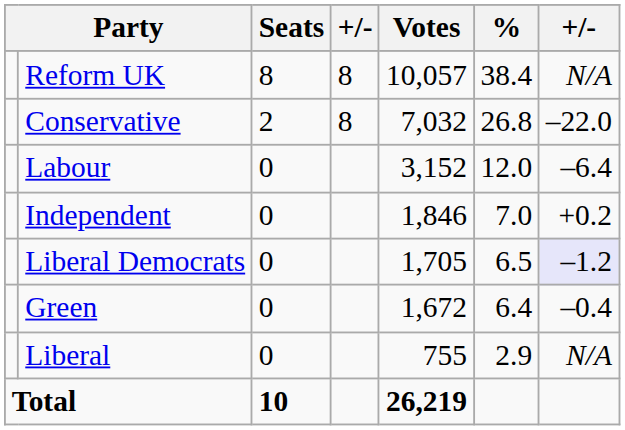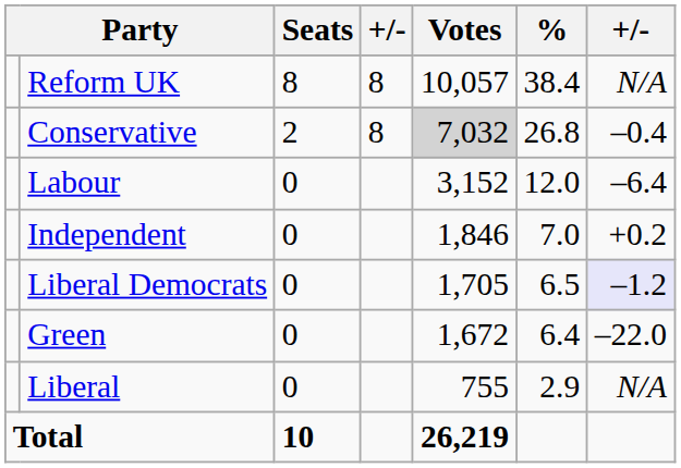 <table class="wikitable sortable">
 <tr>
 <th colspan="2">Party</th>
 <th>Seats</th>
 <th>+/-</th>
 <th>Votes</th>
 <th>%</th>
 <th>+/-</th>
 </tr>
 <tr>
 <td style="background-color: "></td>
 <td><a href='#'>Reform UK</a></td>
 <td>8</td>
 <td> 8</td>
 <td style="text-align:right;">10,057</td>
 <td style="text-align:right;">38.4</td>
 <td style="text-align:right;"><em>N/A</em></td>
 </tr>
 <tr>
 <td style="background-color: "></td>
 <td><a href='#'>Conservative</a></td>
 <td>2</td>
 <td> 8</td>
-<td style="text-align:right;">7,032</td>
+<td style="background: lightgrey; text-align:right;">7,032</td>
 <td style="text-align:right;">26.8</td>
-<td style="text-align:right;">–22.0</td>
+<td style="text-align:right;">–0.4</td>
 </tr>
 <tr>
 <td style="background-color: "></td>
 <td><a href='#'>Labour</a></td>
 <td>0</td>
 <td></td>
 <td style="text-align:right;">3,152</td>
 <td style="text-align:right;">12.0</td>
 <td style="text-align:right;">–6.4</td>
 </tr>
 <tr>
 <td style="background-color: "></td>
 <td><a href='#'>Independent</a></td>
 <td>0</td>
 <td></td>
 <td style="text-align:right;">1,846</td>
 <td style="text-align:right;">7.0</td>
 <td style="text-align:right;">+0.2</td>
 </tr>
 <tr>
 <td style="background-color: "></td>
 <td><a href='#'>Liberal Democrats</a></td>
 <td>0</td>
 <td></td>
 <td style="text-align:right;">1,705</td>
 <td style="text-align:right;">6.5</td>
 <td style="background: lavender; text-align:right;">–1.2</td>
 </tr>
 <tr>
 <td style="background-color: "></td>
 <td><a href='#'>Green</a></td>
 <td>0</td>
 <td></td>
 <td style="text-align:right;">1,672</td>
 <td style="text-align:right;">6.4</td>
-<td style="text-align:right;">–0.4</td>
+<td style="text-align:right;">–22.0</td>
 </tr>
 <tr>
 <td style="background-color: "></td>
 <td><a href='#'>Liberal</a></td>
 <td>0</td>
 <td></td>
 <td style="text-align:right;">755</td>
 <td style="text-align:right;">2.9</td>
 <td style="text-align:right;"><em>N/A</em></td>
 </tr>
 <tr>
 <td colspan="2"><strong>Total</strong></td>
 <td><strong>10</strong></td>
 <td></td>
 <td style="text-align:right;"><strong>26,219</strong></td>
 <td style="text-align:right;"></td>
 <td style="text-align:right;"></td>
 </tr>
 </table>
